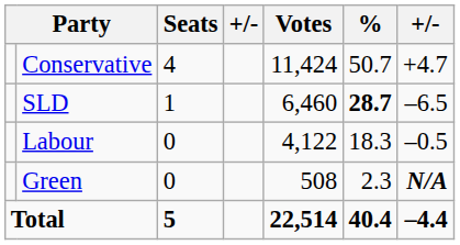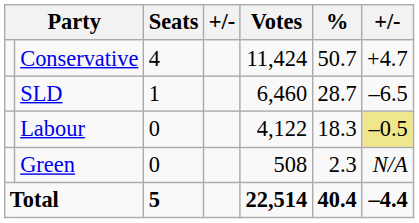 <table class="wikitable sortable">
 <tr>
 <th colspan="2">Party</th>
 <th>Seats</th>
 <th>+/-</th>
 <th>Votes</th>
 <th>%</th>
 <th>+/-</th>
 </tr>
 <tr>
 <td style="background-color: "></td>
 <td><a href='#'>Conservative</a></td>
 <td>4</td>
 <td></td>
 <td style="text-align:right;">11,424</td>
 <td style="text-align:right;">50.7</td>
 <td style="text-align:right;">+4.7</td>
 </tr>
 <tr>
 <td style="background-color: "></td>
 <td><a href='#'>SLD</a></td>
 <td>1</td>
 <td></td>
 <td style="text-align:right;">6,460</td>
-<td style="text-align:right;"><strong>28.7</strong></td>
+<td style="text-align:right;">28.7</td>
 <td style="text-align:right;">–6.5</td>
 </tr>
 <tr>
 <td style="background-color: "></td>
 <td><a href='#'>Labour</a></td>
 <td>0</td>
 <td></td>
 <td style="text-align:right;">4,122</td>
 <td style="text-align:right;">18.3</td>
-<td style="text-align:right;">–0.5</td>
+<td style="background: khaki; text-align:right;">–0.5</td>
 </tr>
 <tr>
 <td style="background-color: "></td>
 <td><a href='#'>Green</a></td>
 <td>0</td>
 <td></td>
 <td style="text-align:right;">508</td>
 <td style="text-align:right;">2.3</td>
-<td style="text-align:right;"><strong><em>N/A</em></strong></td>
+<td style="text-align:right;"><em>N/A</em></td>
 </tr>
 <tr>
 <td colspan="2"><strong>Total</strong></td>
 <td><strong>5</strong></td>
 <td></td>
 <td style="text-align:right;"><strong>22,514</strong></td>
 <td style="text-align:right;"><strong>40.4</strong></td>
 <td style="text-align:right;"><strong>–4.4</strong></td>
 </tr>
 </table>
